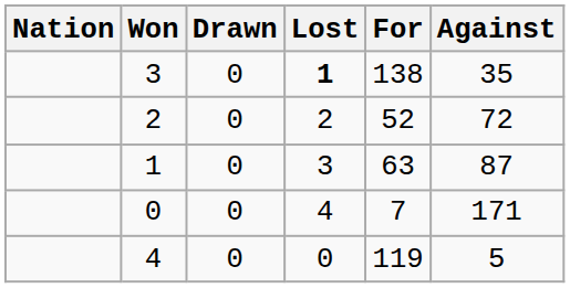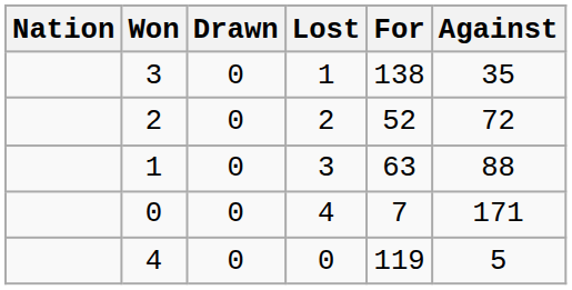 <table class="wikitable" style="text-align: center;">
 <tr>
 <th>Nation</th>
 <th>Won</th>
 <th>Drawn</th>
 <th>Lost</th>
 <th>For</th>
 <th>Against</th>
 </tr>
 <tr>
 <td align="left"></td>
 <td>3</td>
 <td>0</td>
-<td><strong>1</strong></td>
+<td>1</td>
 <td>138</td>
 <td>35</td>
 </tr>
 <tr>
 <td align="left"></td>
 <td>2</td>
 <td>0</td>
 <td>2</td>
 <td>52</td>
 <td>72</td>
 </tr>
 <tr>
 <td align="left"></td>
 <td>1</td>
 <td>0</td>
 <td>3</td>
 <td>63</td>
-<td>87</td>
+<td>88</td>
 </tr>
 <tr>
 <td align="left"></td>
 <td>0</td>
 <td>0</td>
 <td>4</td>
 <td>7</td>
 <td>171</td>
 </tr>
 <tr>
 <td align="left"> </td>
 <td>4</td>
 <td>0</td>
 <td>0</td>
 <td>119</td>
 <td>5</td>
 </tr>
 </table>
